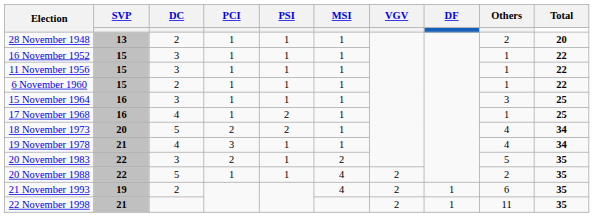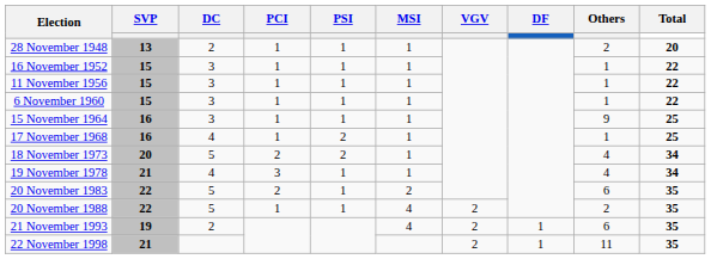 <table class="wikitable" style="text-align:center;font-size:85%;line-height:13px">
 <tr style="height:30px; background-color:#E9E9E9">
 <th style="width:110px;" rowspan="2">Election</th>
 <th style="width:65px;"><a href='#'>SVP</a></th>
 <th style="width:65px;"><a href='#'>DC</a></th>
 <th style="width:65px;"><a href='#'>PCI</a></th>
 <th style="width:65px;"><a href='#'>PSI</a></th>
 <th style="width:65px;"><a href='#'>MSI</a></th>
 <th style="width:65px;"><a href='#'>VGV</a></th>
 <th style="width:65px;"><a href='#'>DF</a></th>
 <th style="width:65px;">Others</th>
 <th style="width:65px;">Total</th>
 </tr>
 <tr>
 <th style="color:inherit;background:"></th>
 <th style="color:inherit;background:"></th>
 <th style="color:inherit;background:"></th>
 <th style="color:inherit;background:"></th>
 <th style="color:inherit;background:"></th>
 <th style="color:inherit;background:"></th>
 <th style="color:inherit;background:#1560BD;"></th>
 <th style="color:inherit;background:"></th>
 <th style="color:inherit;background:white;"></th>
 </tr>
 <tr>
 <td><a href='#'>28 November 1948</a></td>
 <td style="background:#C0C0C0"><strong>13</strong></td>
 <td>2</td>
 <td>1</td>
 <td>1</td>
 <td>1</td>
 <td rowspan=9></td>
 <td rowspan=10></td>
 <td>2</td>
 <td><strong>20</strong></td>
 </tr>
 <tr>
 <td><a href='#'>16 November 1952</a></td>
 <td style="background:#C0C0C0"><strong>15</strong></td>
 <td>3</td>
 <td>1</td>
 <td>1</td>
 <td>1</td>
 <td>1</td>
 <td><strong>22</strong></td>
 </tr>
 <tr>
 <td><a href='#'>11 November 1956</a></td>
 <td style="background:#C0C0C0"><strong>15</strong></td>
 <td>3</td>
 <td>1</td>
 <td>1</td>
 <td>1</td>
 <td>1</td>
 <td><strong>22</strong></td>
 </tr>
 <tr>
 <td><a href='#'>6 November 1960</a></td>
 <td style="background:#C0C0C0"><strong>15</strong></td>
-<td>2</td>
+<td>3</td>
 <td>1</td>
 <td>1</td>
 <td>1</td>
 <td>1</td>
 <td><strong>22</strong></td>
 </tr>
 <tr>
 <td><a href='#'>15 November 1964</a></td>
 <td style="background:#C0C0C0"><strong>16</strong></td>
 <td>3</td>
 <td>1</td>
 <td>1</td>
 <td>1</td>
-<td>3</td>
+<td>9</td>
 <td><strong>25</strong></td>
 </tr>
 <tr>
 <td><a href='#'>17 November 1968</a></td>
 <td style="background:#C0C0C0"><strong>16</strong></td>
 <td>4</td>
 <td>1</td>
 <td>2</td>
 <td>1</td>
 <td>1</td>
 <td><strong>25</strong></td>
 </tr>
 <tr>
 <td><a href='#'>18 November 1973</a></td>
 <td style="background:#C0C0C0"><strong>20</strong></td>
 <td>5</td>
 <td>2</td>
 <td>2</td>
 <td>1</td>
 <td>4</td>
 <td><strong>34</strong></td>
 </tr>
 <tr>
 <td><a href='#'>19 November 1978</a></td>
 <td style="background:#C0C0C0"><strong>21</strong></td>
 <td>4</td>
 <td>3</td>
 <td>1</td>
 <td>1</td>
 <td>4</td>
 <td><strong>34</strong></td>
 </tr>
 <tr>
 <td><a href='#'>20 November 1983</a></td>
 <td style="background:#C0C0C0"><strong>22</strong></td>
-<td>3</td>
+<td>5</td>
 <td>2</td>
 <td>1</td>
 <td>2</td>
-<td>5</td>
+<td>6</td>
 <td><strong>35</strong></td>
 </tr>
 <tr>
 <td><a href='#'>20 November 1988</a></td>
 <td style="background:#C0C0C0"><strong>22</strong></td>
 <td>5</td>
 <td>1</td>
 <td>1</td>
 <td>4</td>
 <td>2</td>
 <td>2</td>
 <td><strong>35</strong></td>
 </tr>
 <tr>
 <td><a href='#'>21 November 1993</a></td>
 <td style="background:#C0C0C0"><strong>19</strong></td>
 <td>2</td>
 <td rowspan=2></td>
 <td rowspan=2></td>
 <td>4</td>
 <td>2</td>
 <td>1</td>
 <td>6</td>
 <td><strong>35</strong></td>
 </tr>
 <tr>
 <td><a href='#'>22 November 1998</a></td>
 <td style="background:#C0C0C0"><strong>21</strong></td>
 <td></td>
 <td></td>
 <td>2</td>
 <td>1</td>
 <td>11</td>
 <td><strong>35</strong></td>
 </tr>
 </table>
